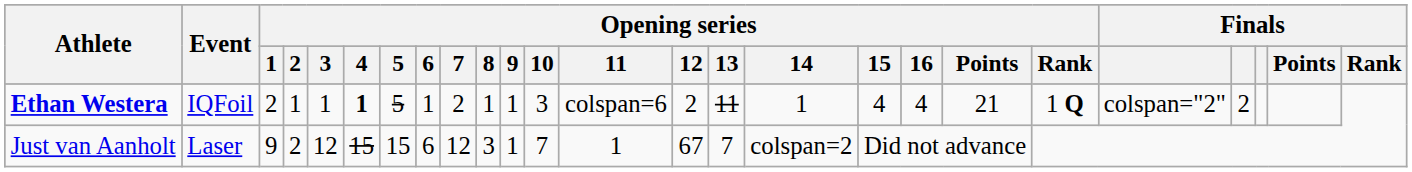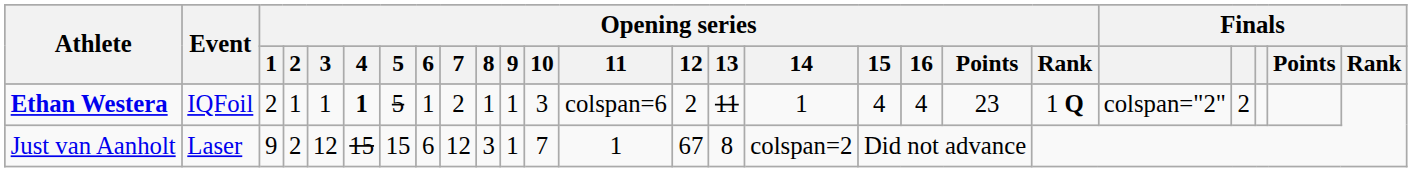 <table class=wikitable style=font-size:90%;text-align:center>
 <tr>
 <th rowspan=2>Athlete</th>
 <th rowspan=2>Event</th>
 <th colspan=18>Opening series</th>
 <th colspan=5>Finals</th>
 </tr>
 <tr style=font-size:95%>
 <th>1</th>
 <th>2</th>
 <th>3</th>
 <th>4</th>
 <th>5</th>
 <th>6</th>
 <th>7</th>
 <th>8</th>
 <th>9</th>
 <th>10</th>
 <th>11</th>
 <th>12</th>
 <th>13</th>
 <th>14</th>
 <th>15</th>
 <th>16</th>
 <th>Points</th>
 <th>Rank</th>
 <th></th>
 <th></th>
 <th> </th>
 <th>Points</th>
 <th>Rank</th>
 </tr>
 <tr>
 <td align=left><strong><a href='#'>Ethan Westera</a></strong></td>
 <td align=left><a href='#'>IQFoil</a></td>
 <td>2</td>
 <td>1</td>
 <td>1</td>
 <td><strong>1</strong></td>
 <td><s>5</s></td>
 <td>1</td>
 <td>2</td>
 <td>1</td>
 <td>1</td>
 <td>3</td>
 <td>colspan=6 </td>
 <td>2</td>
 <td><s>11<br></s></td>
 <td>1</td>
 <td>4</td>
 <td>4</td>
-<td>21</td>
+<td>23</td>
 <td>1 <strong>Q</strong></td>
 <td>colspan="2" </td>
 <td>2</td>
 <td></td>
 <td></td>
 </tr>
 <tr>
 <td align=left><a href='#'>Just van Aanholt</a></td>
 <td align=left><a href='#'>Laser</a></td>
 <td>9</td>
 <td>2</td>
 <td>12</td>
 <td><s>15</s></td>
 <td>15</td>
 <td>6</td>
 <td>12</td>
 <td>3</td>
 <td>1</td>
 <td>7</td>
 <td>1</td>
 <td>67</td>
-<td>7</td>
+<td>8</td>
 <td>colspan=2 </td>
 <td colspan=3>Did not advance</td>
 </tr>
 </table>
